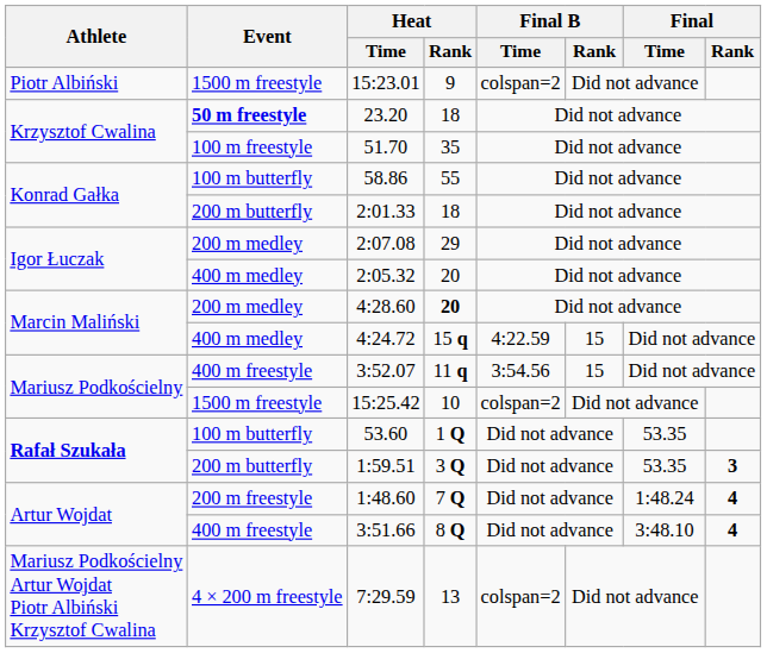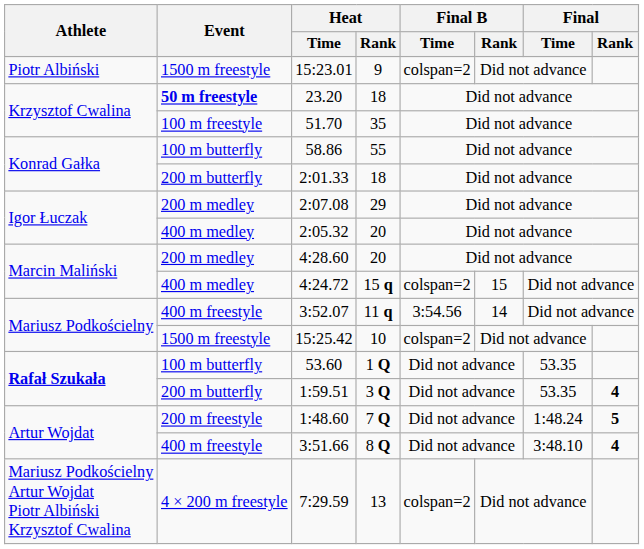 <table class=wikitable style="font-size:90%">
 <tr>
 <th rowspan="2">Athlete</th>
 <th rowspan="2">Event</th>
 <th colspan="2">Heat</th>
 <th colspan="2">Final B</th>
 <th colspan="2">Final</th>
 </tr>
 <tr style="font-size:95%">
 <th>Time</th>
 <th>Rank</th>
 <th>Time</th>
 <th>Rank</th>
 <th>Time</th>
 <th>Rank</th>
 </tr>
 <tr align=center>
 <td align=left rowspan=1><a href='#'>Piotr Albiński</a></td>
 <td align=left><a href='#'>1500 m freestyle</a></td>
 <td>15:23.01</td>
 <td>9</td>
 <td>colspan=2 </td>
 <td colspan=2>Did not advance</td>
 </tr>
 <tr align=center>
 <td align=left rowspan=2><a href='#'>Krzysztof Cwalina</a></td>
 <td align=left><strong><a href='#'>50 m freestyle</a></strong></td>
 <td>23.20</td>
 <td>18</td>
 <td colspan=6>Did not advance</td>
 </tr>
 <tr align=center>
 <td align=left><a href='#'>100 m freestyle</a></td>
 <td>51.70</td>
 <td>35</td>
 <td colspan=6>Did not advance</td>
 </tr>
 <tr align=center>
 <td align=left rowspan=2><a href='#'>Konrad Gałka</a></td>
 <td align=left><a href='#'>100 m butterfly</a></td>
 <td>58.86</td>
 <td>55</td>
 <td colspan=6>Did not advance</td>
 </tr>
 <tr align=center>
 <td align=left><a href='#'>200 m butterfly</a></td>
 <td>2:01.33</td>
 <td>18</td>
 <td colspan=6>Did not advance</td>
 </tr>
 <tr align=center>
 <td align=left rowspan=2><a href='#'>Igor Łuczak</a></td>
 <td align=left><a href='#'>200 m medley</a></td>
 <td>2:07.08</td>
 <td>29</td>
 <td colspan=6>Did not advance</td>
 </tr>
 <tr align=center>
 <td align=left><a href='#'>400 m medley</a></td>
 <td>2:05.32</td>
 <td>20</td>
 <td colspan=6>Did not advance</td>
 </tr>
 <tr align=center>
 <td align=left rowspan=2><a href='#'>Marcin Maliński</a></td>
 <td align=left><a href='#'>200 m medley</a></td>
 <td>4:28.60</td>
-<td><strong>20</strong></td>
+<td>20</td>
 <td colspan=6>Did not advance</td>
 </tr>
 <tr align=center>
 <td align=left><a href='#'>400 m medley</a></td>
 <td>4:24.72</td>
 <td>15 <strong>q</strong></td>
-<td>4:22.59</td>
+<td>colspan=2 </td>
 <td>15</td>
 <td colspan=2>Did not advance</td>
 </tr>
 <tr align=center>
 <td align=left rowspan=2><a href='#'>Mariusz Podkościelny</a></td>
 <td align=left><a href='#'>400 m freestyle</a></td>
 <td>3:52.07</td>
 <td>11 <strong>q</strong></td>
 <td>3:54.56</td>
-<td>15</td>
+<td>14</td>
 <td colspan=2>Did not advance</td>
 </tr>
 <tr align=center>
 <td align=left><a href='#'>1500 m freestyle</a></td>
 <td>15:25.42</td>
 <td>10</td>
 <td>colspan=2 </td>
 <td colspan=2>Did not advance</td>
 </tr>
 <tr align=center>
 <td align=left rowspan=2><strong><a href='#'>Rafał Szukała</a></strong></td>
 <td align=left><a href='#'>100 m butterfly</a></td>
 <td>53.60</td>
 <td>1 <strong>Q</strong></td>
 <td colspan=2>Did not advance</td>
 <td>53.35</td>
 <td></td>
 </tr>
 <tr align=center>
 <td align=left><a href='#'>200 m butterfly</a></td>
 <td>1:59.51</td>
 <td>3 <strong>Q</strong></td>
 <td colspan=2>Did not advance</td>
 <td>53.35</td>
-<td><strong>3</strong></td>
+<td><strong>4</strong></td>
 </tr>
 <tr align=center>
 <td align=left rowspan=2><a href='#'>Artur Wojdat</a></td>
 <td align=left><a href='#'>200 m freestyle</a></td>
 <td>1:48.60</td>
 <td>7 <strong>Q</strong></td>
 <td colspan=2>Did not advance</td>
 <td>1:48.24</td>
-<td><strong>4</strong></td>
+<td><strong>5</strong></td>
 </tr>
 <tr align=center>
 <td align=left><a href='#'>400 m freestyle</a></td>
 <td>3:51.66</td>
 <td>8 <strong>Q</strong></td>
 <td colspan=2>Did not advance</td>
 <td>3:48.10</td>
 <td><strong>4</strong></td>
 </tr>
 <tr align=center>
 <td align=left rowspan=1><a href='#'>Mariusz Podkościelny</a><br><a href='#'>Artur Wojdat</a><br><a href='#'>Piotr Albiński</a><br><a href='#'>Krzysztof Cwalina</a></td>
 <td align=left><a href='#'>4 × 200 m freestyle</a></td>
 <td>7:29.59</td>
 <td>13</td>
 <td>colspan=2 </td>
 <td colspan=2>Did not advance</td>
 </tr>
 </table>
